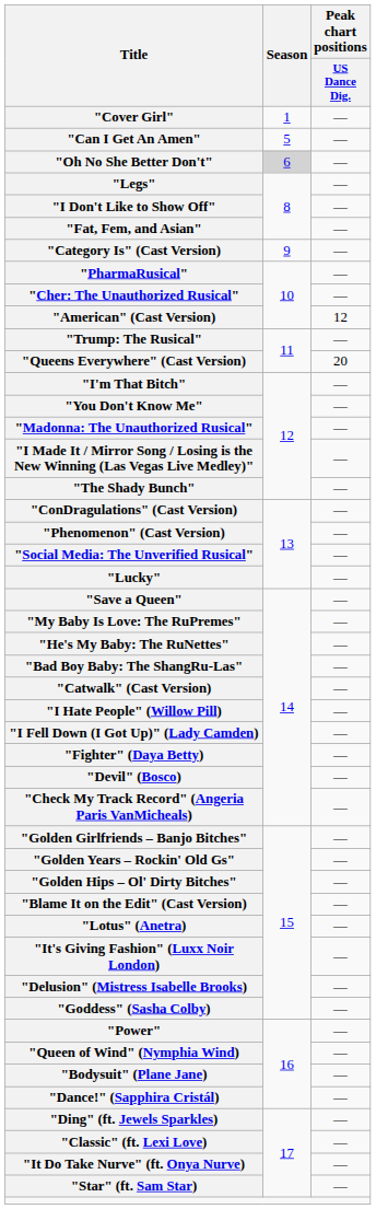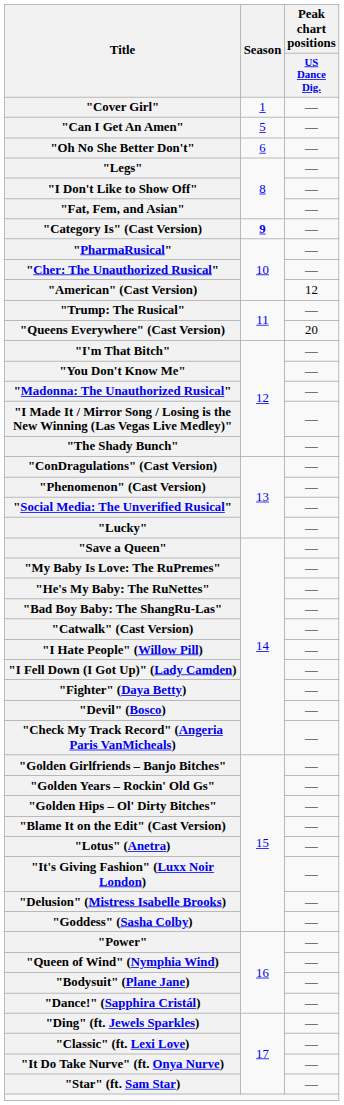 <table class="wikitable plainrowheaders" style="text-align:center;">
 <tr>
 <th scope="col" rowspan="2" style="width:18em;">Title</th>
 <th scope="col" rowspan="2" style="width:1em;">Season</th>
 <th scope="col" colspan="1">Peak chart positions</th>
 </tr>
 <tr>
 <th scope="col" style="width:3em;font-size:85%;"><a href='#'>US<br>Dance<br>Dig.</a><br></th>
 </tr>
 <tr>
 <th scope="row">"Cover Girl"<br></th>
 <td><a href='#'>1</a></td>
 <td>—</td>
 </tr>
 <tr>
 <th scope="row">"Can I Get An Amen"</th>
 <td><a href='#'>5</a></td>
 <td>—</td>
 </tr>
 <tr>
 <th scope="row">"Oh No She Better Don't"<br></th>
-<td style="background: lightgrey;"><a href='#'>6</a></td>
+<td><a href='#'>6</a></td>
 <td>—</td>
 </tr>
 <tr>
 <th scope="row">"Legs"</th>
 <td rowspan="3"><a href='#'>8</a></td>
 <td>—</td>
 </tr>
 <tr>
 <th scope="row">"I Don't Like to Show Off"</th>
 <td>—</td>
 </tr>
 <tr>
 <th scope="row">"Fat, Fem, and Asian"</th>
 <td>—</td>
 </tr>
 <tr>
 <th scope="row">"Category Is" (Cast Version)</th>
-<td><a href='#'>9</a></td>
+<td><strong><a href='#'>9</a></strong></td>
 <td>—</td>
 </tr>
 <tr>
 <th scope="row">"<a href='#'>PharmaRusical</a>"</th>
 <td rowspan="3"><a href='#'>10</a></td>
 <td>—</td>
 </tr>
 <tr>
 <th scope="row">"<a href='#'>Cher: The Unauthorized Rusical</a>"</th>
 <td>—</td>
 </tr>
 <tr>
 <th scope="row">"American" (Cast Version)</th>
 <td>12</td>
 </tr>
 <tr>
 <th scope="row">"Trump: The Rusical"<br></th>
 <td rowspan="2"><a href='#'>11</a></td>
 <td>—</td>
 </tr>
 <tr>
 <th scope="row">"Queens Everywhere" (Cast Version)</th>
 <td>20</td>
 </tr>
 <tr>
 <th scope="row">"I'm That Bitch"</th>
 <td rowspan="5"><a href='#'>12</a></td>
 <td>—</td>
 </tr>
 <tr>
 <th scope="row">"You Don't Know Me"</th>
 <td>—</td>
 </tr>
 <tr>
 <th scope="row">"<a href='#'>Madonna: The Unauthorized Rusical</a>"</th>
 <td>—</td>
 </tr>
 <tr>
 <th scope="row">"I Made It / Mirror Song / Losing is the New Winning (Las Vegas Live Medley)"</th>
 <td>—</td>
 </tr>
 <tr>
 <th scope="row">"The Shady Bunch"</th>
 <td>—</td>
 </tr>
 <tr>
 <th scope="row">"ConDragulations" (Cast Version)</th>
 <td rowspan="4"><a href='#'>13</a></td>
 <td>—</td>
 </tr>
 <tr>
 <th scope="row">"Phenomenon" (Cast Version)</th>
 <td>—</td>
 </tr>
 <tr>
 <th scope="row">"<a href='#'>Social Media: The Unverified Rusical</a>"</th>
 <td>—</td>
 </tr>
 <tr>
 <th scope="row">"Lucky"</th>
 <td>—</td>
 </tr>
 <tr>
 <th scope="row">"Save a Queen"</th>
 <td rowspan="10"><a href='#'>14</a></td>
 <td>—</td>
 </tr>
 <tr>
 <th scope="row">"My Baby Is Love: The RuPremes"</th>
 <td>—</td>
 </tr>
 <tr>
 <th scope="row">"He's My Baby: The RuNettes"</th>
 <td>—</td>
 </tr>
 <tr>
 <th scope="row">"Bad Boy Baby: The ShangRu-Las"</th>
 <td>—</td>
 </tr>
 <tr>
 <th scope="row">"Catwalk" (Cast Version)</th>
 <td>—</td>
 </tr>
 <tr>
 <th scope="row">"I Hate People" (<a href='#'>Willow Pill</a>)</th>
 <td>—</td>
 </tr>
 <tr>
 <th scope="row">"I Fell Down (I Got Up)" (<a href='#'>Lady Camden</a>)</th>
 <td>—</td>
 </tr>
 <tr>
 <th scope="row">"Fighter" (<a href='#'>Daya Betty</a>)</th>
 <td>—</td>
 </tr>
 <tr>
 <th scope="row">"Devil" (<a href='#'>Bosco</a>)</th>
 <td>—</td>
 </tr>
 <tr>
 <th scope="row">"Check My Track Record" (<a href='#'>Angeria Paris VanMicheals</a>)</th>
 <td>—</td>
 </tr>
 <tr>
 <th scope="row">"Golden Girlfriends – Banjo Bitches"</th>
 <td rowspan="8"><a href='#'>15</a></td>
 <td>—</td>
 </tr>
 <tr>
 <th scope="row">"Golden Years – Rockin' Old Gs"</th>
 <td>—</td>
 </tr>
 <tr>
 <th scope="row">"Golden Hips – Ol' Dirty Bitches"</th>
 <td>—</td>
 </tr>
 <tr>
 <th scope="row">"Blame It on the Edit" (Cast Version)</th>
 <td>—</td>
 </tr>
 <tr>
 <th scope="row">"Lotus" (<a href='#'>Anetra</a>)</th>
 <td>—</td>
 </tr>
 <tr>
 <th scope="row">"It's Giving Fashion" (<a href='#'>Luxx Noir London</a>)</th>
 <td>—</td>
 </tr>
 <tr>
 <th scope="row">"Delusion" (<a href='#'>Mistress Isabelle Brooks</a>)</th>
 <td>—</td>
 </tr>
 <tr>
 <th scope="row">"Goddess" (<a href='#'>Sasha Colby</a>)</th>
 <td>—</td>
 </tr>
 <tr>
 <th scope="row">"Power"</th>
 <td rowspan="4"><a href='#'>16</a></td>
 <td>—</td>
 </tr>
 <tr>
 <th scope="row">"Queen of Wind" (<a href='#'>Nymphia Wind</a>)</th>
 <td>—</td>
 </tr>
 <tr>
 <th scope="row">"Bodysuit" (<a href='#'>Plane Jane</a>)</th>
 <td>—</td>
 </tr>
 <tr>
 <th scope="row">"Dance!" (<a href='#'>Sapphira Cristál</a>)</th>
 <td>—</td>
 </tr>
 <tr>
 <th scope="row">"Ding" (ft. <a href='#'>Jewels Sparkles</a>)</th>
 <td rowspan="4"><a href='#'>17</a></td>
 <td>—</td>
 </tr>
 <tr>
 <th scope="row">"Classic" (ft. <a href='#'>Lexi Love</a>)</th>
 <td>—</td>
 </tr>
 <tr>
 <th scope="row">"It Do Take Nurve" (ft. <a href='#'>Onya Nurve</a>)</th>
 <td>—</td>
 </tr>
 <tr>
 <th scope="row">"Star" (ft. <a href='#'>Sam Star</a>)</th>
 <td>—</td>
 </tr>
 <tr>
 <td colspan="3"></td>
 </tr>
 </table>
